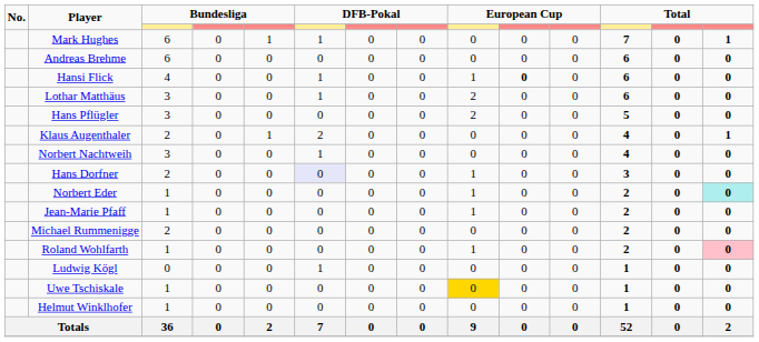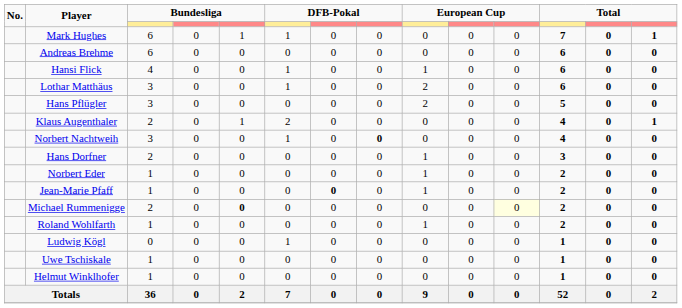 <table class="wikitable" style="text-align:center;">
 <tr style="text-align:center;">
 <td rowspan="2"><strong>No.</strong></td>
 <td rowspan="2"><strong>Player</strong></td>
 <td colspan="3"><strong>Bundesliga</strong></td>
 <td colspan="3"><strong>DFB-Pokal</strong></td>
 <td colspan="3"><strong>European Cup</strong></td>
 <td colspan="3"><strong>Total</strong></td>
 </tr>
 <tr>
 <th style="width:60px; background:#fe9;"></th>
 <th style="width:60px; background:#ff8888;"></th>
 <th style="width:60px; background:#ff8888;"></th>
 <th style="width:60px; background:#fe9;"></th>
 <th style="width:60px; background:#ff8888;"></th>
 <th style="width:60px; background:#ff8888;"></th>
 <th style="width:60px; background:#fe9;"></th>
 <th style="width:60px; background:#ff8888;"></th>
 <th style="width:60px; background:#ff8888;"></th>
 <th style="width:60px; background:#fe9;"></th>
 <th style="width:60px; background:#ff8888;"></th>
 <th style="width:60px; background:#ff8888;"></th>
 </tr>
 <tr>
 <td></td>
 <td><a href='#'>Mark Hughes</a></td>
 <td>6</td>
 <td>0</td>
 <td>1</td>
 <td>1</td>
 <td>0</td>
 <td>0</td>
 <td>0</td>
 <td>0</td>
 <td>0</td>
 <td><strong>7</strong></td>
 <td><strong>0</strong></td>
 <td><strong>1</strong></td>
 </tr>
 <tr>
 <td></td>
 <td><a href='#'>Andreas Brehme</a></td>
 <td>6</td>
 <td>0</td>
 <td>0</td>
 <td>0</td>
 <td>0</td>
 <td>0</td>
 <td>0</td>
 <td>0</td>
 <td>0</td>
 <td><strong>6</strong></td>
 <td><strong>0</strong></td>
 <td><strong>0</strong></td>
 </tr>
 <tr>
 <td></td>
 <td><a href='#'>Hansi Flick</a></td>
 <td>4</td>
 <td>0</td>
 <td>0</td>
 <td>1</td>
 <td>0</td>
 <td>0</td>
 <td>1</td>
-<td><strong>0</strong></td>
+<td>0</td>
 <td>0</td>
 <td><strong>6</strong></td>
 <td><strong>0</strong></td>
 <td><strong>0</strong></td>
 </tr>
 <tr>
 <td></td>
 <td><a href='#'>Lothar Matthäus</a></td>
 <td>3</td>
 <td>0</td>
 <td>0</td>
 <td>1</td>
 <td>0</td>
 <td>0</td>
 <td>2</td>
 <td>0</td>
 <td>0</td>
 <td><strong>6</strong></td>
 <td><strong>0</strong></td>
 <td><strong>0</strong></td>
 </tr>
 <tr>
 <td></td>
 <td><a href='#'>Hans Pflügler</a></td>
 <td>3</td>
 <td>0</td>
 <td>0</td>
 <td>0</td>
 <td>0</td>
 <td>0</td>
 <td>2</td>
 <td>0</td>
 <td>0</td>
 <td><strong>5</strong></td>
 <td><strong>0</strong></td>
 <td><strong>0</strong></td>
 </tr>
 <tr>
 <td></td>
 <td><a href='#'>Klaus Augenthaler</a></td>
 <td>2</td>
 <td>0</td>
 <td>1</td>
 <td>2</td>
 <td>0</td>
 <td>0</td>
 <td>0</td>
 <td>0</td>
 <td>0</td>
 <td><strong>4</strong></td>
 <td><strong>0</strong></td>
 <td><strong>1</strong></td>
 </tr>
 <tr>
 <td></td>
 <td><a href='#'>Norbert Nachtweih</a></td>
 <td>3</td>
 <td>0</td>
 <td>0</td>
 <td>1</td>
 <td>0</td>
-<td>0</td>
+<td><strong>0</strong></td>
 <td>0</td>
 <td>0</td>
 <td>0</td>
 <td><strong>4</strong></td>
 <td><strong>0</strong></td>
 <td><strong>0</strong></td>
 </tr>
 <tr>
 <td></td>
 <td><a href='#'>Hans Dorfner</a></td>
 <td>2</td>
 <td>0</td>
 <td>0</td>
-<td style="background: lavender;">0</td>
+<td>0</td>
 <td>0</td>
 <td>0</td>
 <td>1</td>
 <td>0</td>
 <td>0</td>
 <td><strong>3</strong></td>
 <td><strong>0</strong></td>
 <td><strong>0</strong></td>
 </tr>
 <tr>
 <td></td>
 <td><a href='#'>Norbert Eder</a></td>
 <td>1</td>
 <td>0</td>
 <td>0</td>
 <td>0</td>
 <td>0</td>
 <td>0</td>
 <td>1</td>
 <td>0</td>
 <td>0</td>
 <td><strong>2</strong></td>
 <td><strong>0</strong></td>
-<td style="background: paleturquoise;"><strong>0</strong></td>
+<td><strong>0</strong></td>
 </tr>
 <tr>
 <td></td>
 <td><a href='#'>Jean-Marie Pfaff</a></td>
 <td>1</td>
 <td>0</td>
 <td>0</td>
 <td>0</td>
-<td>0</td>
+<td><strong>0</strong></td>
 <td>0</td>
 <td>1</td>
 <td>0</td>
 <td>0</td>
 <td><strong>2</strong></td>
 <td><strong>0</strong></td>
 <td><strong>0</strong></td>
 </tr>
 <tr>
 <td></td>
 <td><a href='#'>Michael Rummenigge</a></td>
 <td>2</td>
 <td>0</td>
+<td><strong>0</strong></td>
 <td>0</td>
 <td>0</td>
 <td>0</td>
 <td>0</td>
 <td>0</td>
-<td>0</td>
-<td>0</td>
+<td style="background: lightyellow;">0</td>
 <td><strong>2</strong></td>
 <td><strong>0</strong></td>
 <td><strong>0</strong></td>
 </tr>
 <tr>
 <td></td>
 <td><a href='#'>Roland Wohlfarth</a></td>
 <td>1</td>
 <td>0</td>
 <td>0</td>
 <td>0</td>
 <td>0</td>
 <td>0</td>
 <td>1</td>
 <td>0</td>
 <td>0</td>
 <td><strong>2</strong></td>
 <td><strong>0</strong></td>
-<td style="background: pink;"><strong>0</strong></td>
+<td><strong>0</strong></td>
 </tr>
 <tr>
 <td></td>
 <td><a href='#'>Ludwig Kögl</a></td>
 <td>0</td>
 <td>0</td>
 <td>0</td>
 <td>1</td>
 <td>0</td>
 <td>0</td>
 <td>0</td>
 <td>0</td>
 <td>0</td>
 <td><strong>1</strong></td>
 <td><strong>0</strong></td>
 <td><strong>0</strong></td>
 </tr>
 <tr>
 <td></td>
 <td><a href='#'>Uwe Tschiskale</a></td>
 <td>1</td>
 <td>0</td>
 <td>0</td>
 <td>0</td>
 <td>0</td>
 <td>0</td>
-<td style="background: gold;">0</td>
+<td>0</td>
 <td>0</td>
 <td>0</td>
 <td><strong>1</strong></td>
 <td><strong>0</strong></td>
 <td><strong>0</strong></td>
 </tr>
 <tr>
 <td></td>
 <td><a href='#'>Helmut Winklhofer</a></td>
 <td>1</td>
 <td>0</td>
 <td>0</td>
 <td>0</td>
 <td>0</td>
 <td>0</td>
 <td>0</td>
 <td>0</td>
 <td>0</td>
 <td><strong>1</strong></td>
 <td><strong>0</strong></td>
 <td><strong>0</strong></td>
 </tr>
 <tr>
 <th colspan="2">Totals</th>
 <th>36</th>
 <th>0</th>
 <th>2</th>
 <th>7</th>
 <th>0</th>
 <th>0</th>
 <th>9</th>
 <th>0</th>
 <th>0</th>
 <th>52</th>
 <th>0</th>
 <th>2</th>
 </tr>
 <tr>
 </tr>
 </table>
